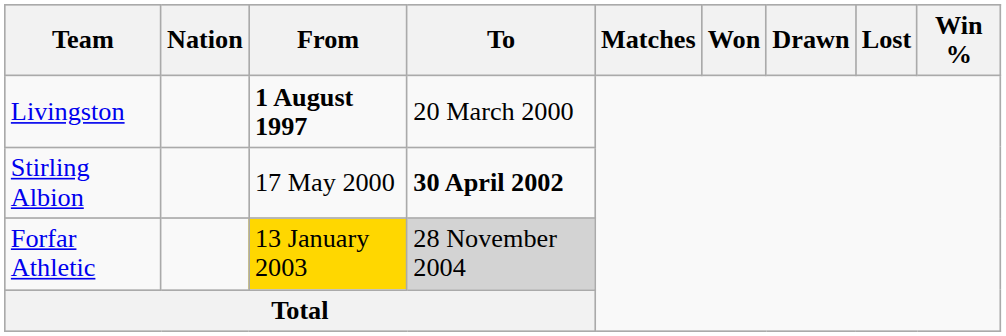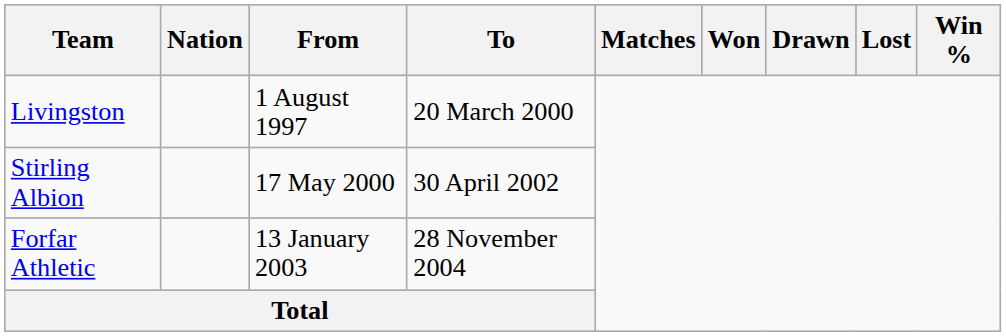 <table class="wikitable" style="text-align: center">
 <tr>
 <th>Team</th>
 <th>Nation</th>
 <th>From</th>
 <th class="unsortable">To</th>
 <th>Matches</th>
 <th>Won</th>
 <th>Drawn</th>
 <th>Lost</th>
 <th>Win %</th>
 </tr>
 <tr>
 <td align=left><a href='#'>Livingston</a></td>
 <td></td>
-<td align=left><strong>1 August 1997</strong></td>
+<td align=left>1 August 1997</td>
 <td align=left>20 March 2000<br></td>
 </tr>
 <tr>
 <td align=left><a href='#'>Stirling Albion</a></td>
 <td></td>
 <td align=left>17 May 2000</td>
-<td align=left><strong>30 April 2002<br></strong></td>
+<td align=left>30 April 2002<br></td>
 </tr>
 <tr>
 <td align=left><a href='#'>Forfar Athletic</a></td>
 <td></td>
-<td align=left style="background: gold;">13 January 2003</td>
-<td align=left style="background: lightgrey;">28 November 2004<br></td>
+<td align=left>13 January 2003</td>
+<td align=left>28 November 2004<br></td>
 </tr>
 <tr |->
 <th colspan="4">Total<br></th>
 </tr>
 </table>
